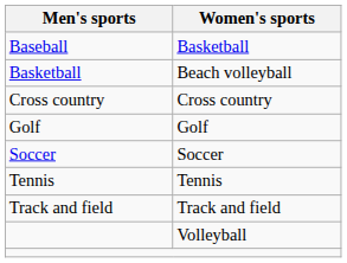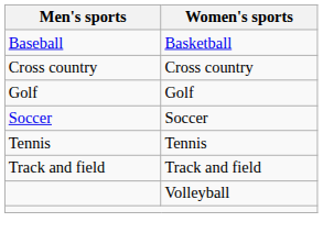 <table class="wikitable"; style= "text-align: ">
 <tr>
 <th width=150px>Men's sports</th>
 <th width=150px>Women's sports</th>
 </tr>
 <tr>
 <td><a href='#'>Baseball</a></td>
 <td><a href='#'>Basketball</a></td>
-</tr>
-<tr>
-<td><a href='#'>Basketball</a></td>
-<td>Beach volleyball</td>
 </tr>
 <tr>
 <td>Cross country</td>
 <td>Cross country</td>
 </tr>
 <tr>
 <td>Golf</td>
 <td>Golf</td>
 </tr>
 <tr>
 <td><a href='#'>Soccer</a></td>
 <td>Soccer</td>
 </tr>
 <tr>
 <td>Tennis</td>
 <td>Tennis</td>
 </tr>
 <tr>
 <td>Track and field</td>
 <td>Track and field</td>
 </tr>
 <tr>
 <td></td>
 <td>Volleyball</td>
 </tr>
 <tr>
 <td colspan="2"></td>
 </tr>
 </table>
